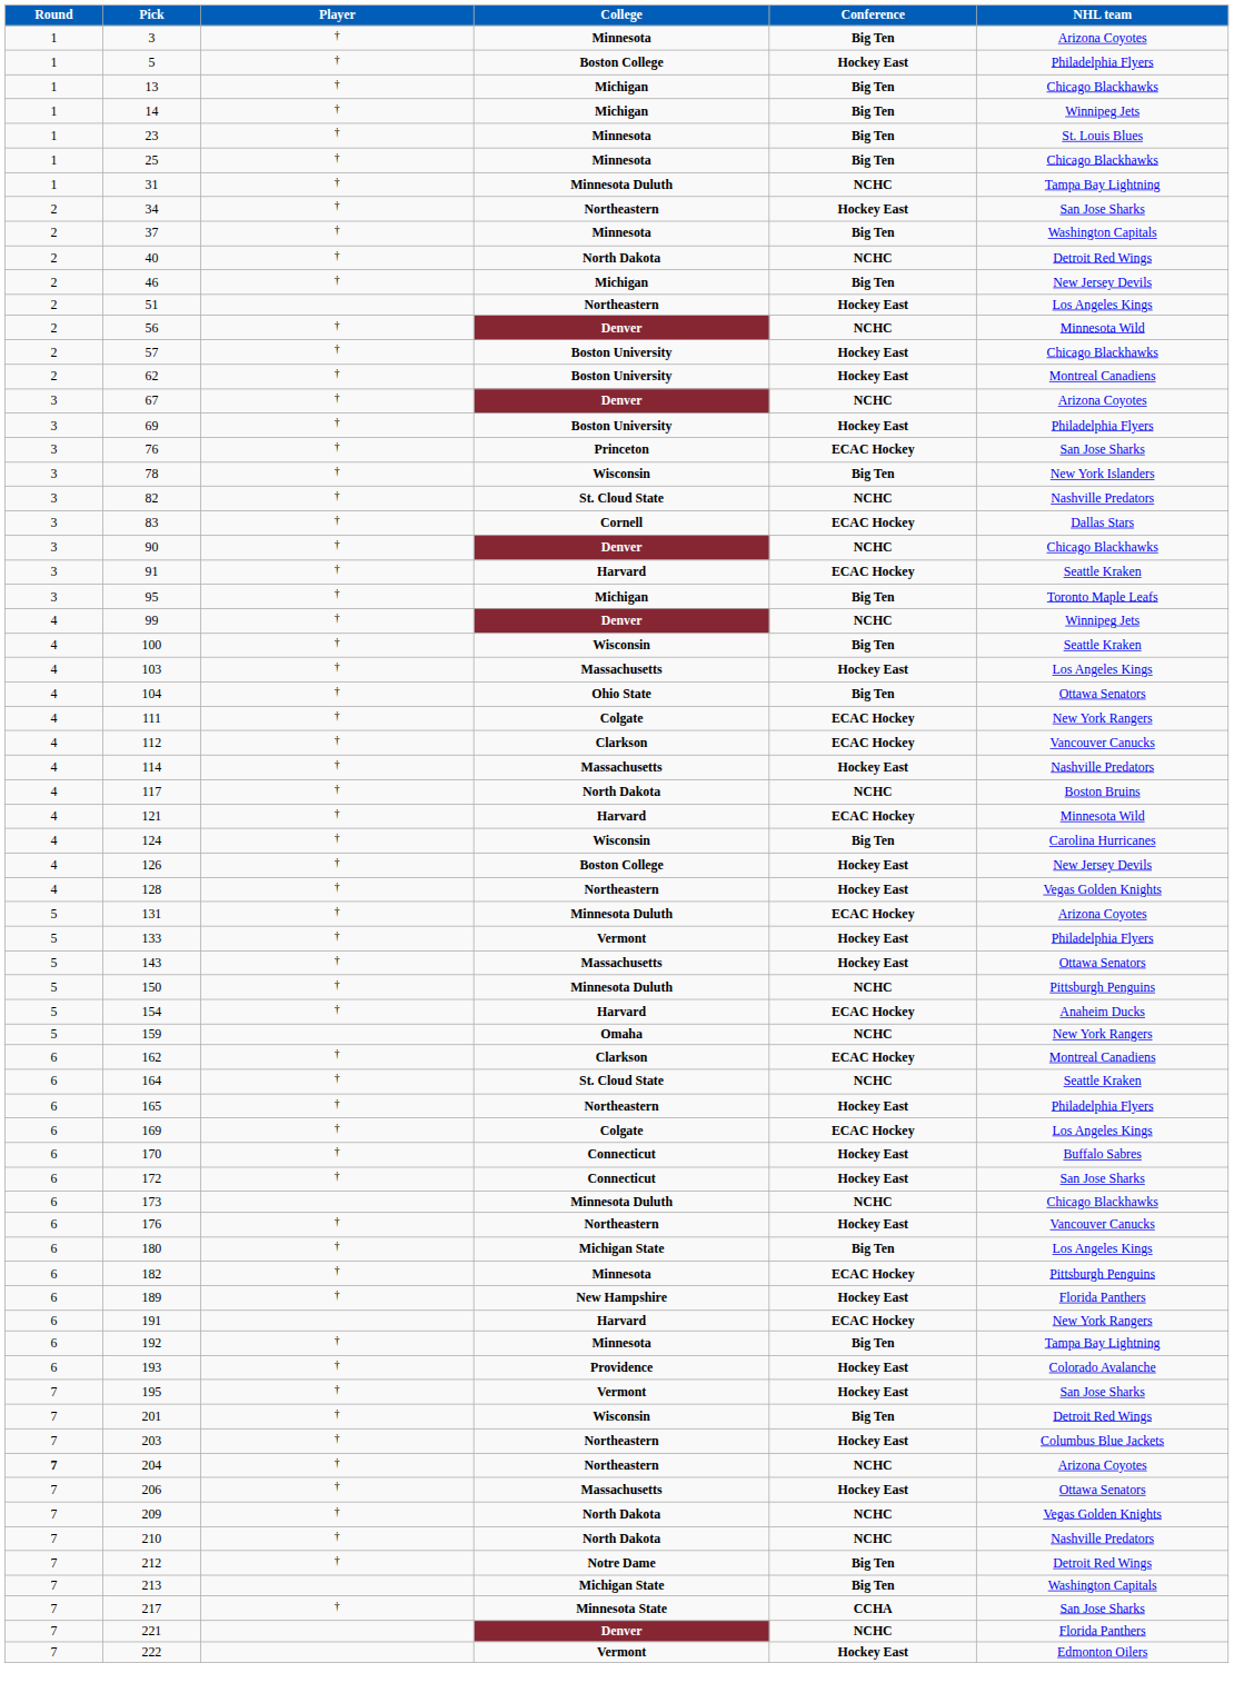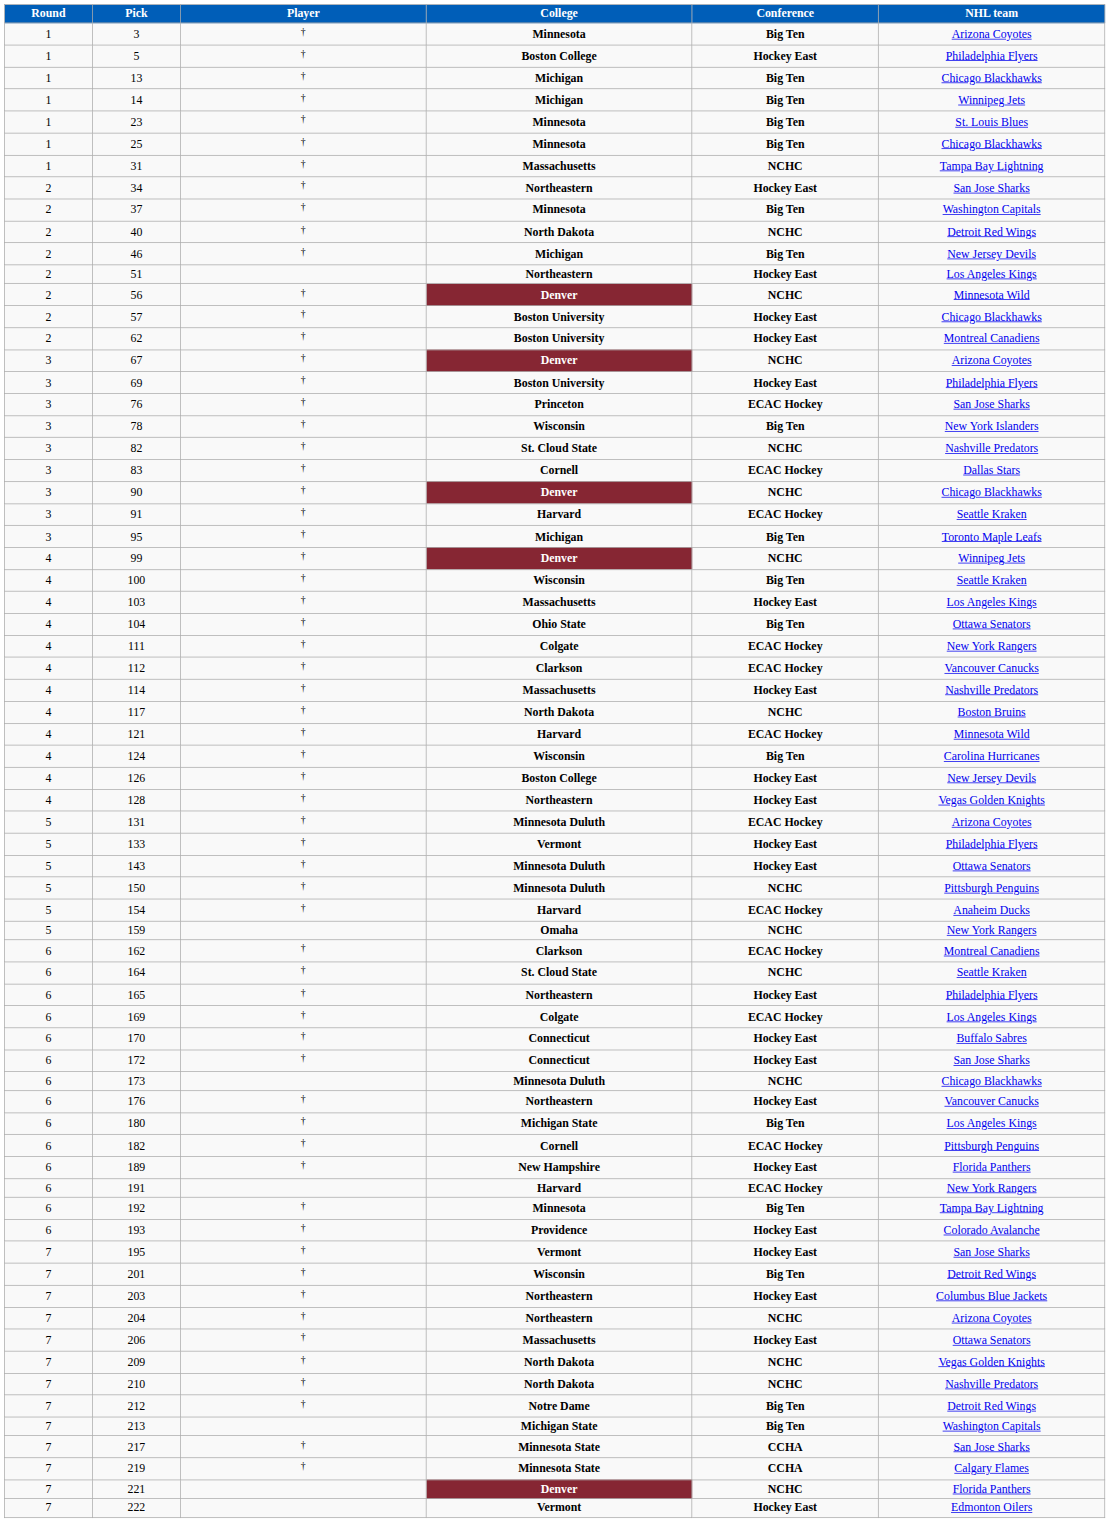 <table class="wikitable sortable" width="75%">
 <tr>
 <th style="color:white; background-color:#005EB8; width: 4em;">Round</th>
 <th style="color:white; background-color:#005EB8; width: 4em;">Pick</th>
 <th style="color:white; background-color:#005EB8; width: 12em;">Player</th>
 <th style="color:white; background-color:#005EB8; width: 13em;">College</th>
 <th style="color:white; background-color:#005EB8; width: 9em;">Conference</th>
 <th style="color:white; background-color:#005EB8; width: 11em;">NHL team</th>
 </tr>
 <tr align="center" bgcolor="">
 <td>1</td>
 <td>3</td>
 <td> <sup>†</sup></td>
 <td><strong>Minnesota</strong></td>
 <td><strong>Big Ten</strong></td>
 <td><a href='#'>Arizona Coyotes</a></td>
 </tr>
 <tr align="center" bgcolor="">
 <td>1</td>
 <td>5</td>
 <td> <sup>†</sup></td>
 <td><strong>Boston College</strong></td>
 <td><strong>Hockey East</strong></td>
 <td><a href='#'>Philadelphia Flyers</a></td>
 </tr>
 <tr align="center" bgcolor="">
 <td>1</td>
 <td>13</td>
 <td> <sup>†</sup></td>
 <td><strong>Michigan</strong></td>
 <td><strong>Big Ten</strong></td>
 <td><a href='#'>Chicago Blackhawks</a></td>
 </tr>
 <tr align="center" bgcolor="">
 <td>1</td>
 <td>14</td>
 <td> <sup>†</sup></td>
 <td><strong>Michigan</strong></td>
 <td><strong>Big Ten</strong></td>
 <td><a href='#'>Winnipeg Jets</a></td>
 </tr>
 <tr align="center" bgcolor="">
 <td>1</td>
 <td>23</td>
 <td> <sup>†</sup></td>
 <td><strong>Minnesota</strong></td>
 <td><strong>Big Ten</strong></td>
 <td><a href='#'>St. Louis Blues</a></td>
 </tr>
 <tr align="center" bgcolor="">
 <td>1</td>
 <td>25</td>
 <td> <sup>†</sup></td>
 <td><strong>Minnesota</strong></td>
 <td><strong>Big Ten</strong></td>
 <td><a href='#'>Chicago Blackhawks</a></td>
 </tr>
 <tr align="center" bgcolor="">
 <td>1</td>
 <td>31</td>
 <td> <sup>†</sup></td>
-<td><strong>Minnesota Duluth</strong></td>
+<td><strong>Massachusetts</strong></td>
 <td><strong>NCHC</strong></td>
 <td><a href='#'>Tampa Bay Lightning</a></td>
 </tr>
 <tr align="center" bgcolor="">
 <td>2</td>
 <td>34</td>
 <td> <sup>†</sup></td>
 <td><strong>Northeastern</strong></td>
 <td><strong>Hockey East</strong></td>
 <td><a href='#'>San Jose Sharks</a></td>
 </tr>
 <tr align="center" bgcolor="">
 <td>2</td>
 <td>37</td>
 <td> <sup>†</sup></td>
 <td><strong>Minnesota</strong></td>
 <td><strong>Big Ten</strong></td>
 <td><a href='#'>Washington Capitals</a></td>
 </tr>
 <tr align="center" bgcolor="">
 <td>2</td>
 <td>40</td>
 <td> <sup>†</sup></td>
 <td><strong>North Dakota</strong></td>
 <td><strong>NCHC</strong></td>
 <td><a href='#'>Detroit Red Wings</a></td>
 </tr>
 <tr align="center" bgcolor="">
 <td>2</td>
 <td>46</td>
 <td> <sup>†</sup></td>
 <td><strong>Michigan</strong></td>
 <td><strong>Big Ten</strong></td>
 <td><a href='#'>New Jersey Devils</a></td>
 </tr>
 <tr align="center" bgcolor="">
 <td>2</td>
 <td>51</td>
 <td></td>
 <td><strong>Northeastern</strong></td>
 <td><strong>Hockey East</strong></td>
 <td><a href='#'>Los Angeles Kings</a></td>
 </tr>
 <tr align="center" bgcolor="">
 <td>2</td>
 <td>56</td>
 <td> <sup>†</sup></td>
 <td style="color:white; background:#862633; "><strong>Denver</strong></td>
 <td><strong>NCHC</strong></td>
 <td><a href='#'>Minnesota Wild</a></td>
 </tr>
 <tr align="center" bgcolor="">
 <td>2</td>
 <td>57</td>
 <td> <sup>†</sup></td>
 <td><strong>Boston University</strong></td>
 <td><strong>Hockey East</strong></td>
 <td><a href='#'>Chicago Blackhawks</a></td>
 </tr>
 <tr align="center" bgcolor="">
 <td>2</td>
 <td>62</td>
 <td> <sup>†</sup></td>
 <td><strong>Boston University</strong></td>
 <td><strong>Hockey East</strong></td>
 <td><a href='#'>Montreal Canadiens</a></td>
 </tr>
 <tr align="center" bgcolor="">
 <td>3</td>
 <td>67</td>
 <td> <sup>†</sup></td>
 <td style="color:white; background:#862633; "><strong>Denver</strong></td>
 <td><strong>NCHC</strong></td>
 <td><a href='#'>Arizona Coyotes</a></td>
 </tr>
 <tr align="center" bgcolor="">
 <td>3</td>
 <td>69</td>
 <td> <sup>†</sup></td>
 <td><strong>Boston University</strong></td>
 <td><strong>Hockey East</strong></td>
 <td><a href='#'>Philadelphia Flyers</a></td>
 </tr>
 <tr align="center" bgcolor="">
 <td>3</td>
 <td>76</td>
 <td> <sup>†</sup></td>
 <td><strong>Princeton</strong></td>
 <td><strong>ECAC Hockey</strong></td>
 <td><a href='#'>San Jose Sharks</a></td>
 </tr>
 <tr align="center" bgcolor="">
 <td>3</td>
 <td>78</td>
 <td> <sup>†</sup></td>
 <td><strong>Wisconsin</strong></td>
 <td><strong>Big Ten</strong></td>
 <td><a href='#'>New York Islanders</a></td>
 </tr>
 <tr align="center" bgcolor="">
 <td>3</td>
 <td>82</td>
 <td> <sup>†</sup></td>
 <td><strong>St. Cloud State</strong></td>
 <td><strong>NCHC</strong></td>
 <td><a href='#'>Nashville Predators</a></td>
 </tr>
 <tr align="center" bgcolor="">
 <td>3</td>
 <td>83</td>
 <td> <sup>†</sup></td>
 <td><strong>Cornell</strong></td>
 <td><strong>ECAC Hockey</strong></td>
 <td><a href='#'>Dallas Stars</a></td>
 </tr>
 <tr align="center" bgcolor="">
 <td>3</td>
 <td>90</td>
 <td> <sup>†</sup></td>
 <td style="color:white; background:#862633; "><strong>Denver</strong></td>
 <td><strong>NCHC</strong></td>
 <td><a href='#'>Chicago Blackhawks</a></td>
 </tr>
 <tr align="center" bgcolor="">
 <td>3</td>
 <td>91</td>
 <td> <sup>†</sup></td>
 <td><strong>Harvard</strong></td>
 <td><strong>ECAC Hockey</strong></td>
 <td><a href='#'>Seattle Kraken</a></td>
 </tr>
 <tr align="center" bgcolor="">
 <td>3</td>
 <td>95</td>
 <td> <sup>†</sup></td>
 <td><strong>Michigan</strong></td>
 <td><strong>Big Ten</strong></td>
 <td><a href='#'>Toronto Maple Leafs</a></td>
 </tr>
 <tr align="center" bgcolor="">
 <td>4</td>
 <td>99</td>
 <td> <sup>†</sup></td>
 <td style="color:white; background:#862633; "><strong>Denver</strong></td>
 <td><strong>NCHC</strong></td>
 <td><a href='#'>Winnipeg Jets</a></td>
 </tr>
 <tr align="center" bgcolor="">
 <td>4</td>
 <td>100</td>
 <td> <sup>†</sup></td>
 <td><strong>Wisconsin</strong></td>
 <td><strong>Big Ten</strong></td>
 <td><a href='#'>Seattle Kraken</a></td>
 </tr>
 <tr align="center" bgcolor="">
 <td>4</td>
 <td>103</td>
 <td> <sup>†</sup></td>
 <td><strong>Massachusetts</strong></td>
 <td><strong>Hockey East</strong></td>
 <td><a href='#'>Los Angeles Kings</a></td>
 </tr>
 <tr align="center" bgcolor="">
 <td>4</td>
 <td>104</td>
 <td> <sup>†</sup></td>
 <td><strong>Ohio State</strong></td>
 <td><strong>Big Ten</strong></td>
 <td><a href='#'>Ottawa Senators</a></td>
 </tr>
 <tr align="center" bgcolor="">
 <td>4</td>
 <td>111</td>
 <td> <sup>†</sup></td>
 <td><strong>Colgate</strong></td>
 <td><strong>ECAC Hockey</strong></td>
 <td><a href='#'>New York Rangers</a></td>
 </tr>
 <tr align="center" bgcolor="">
 <td>4</td>
 <td>112</td>
 <td> <sup>†</sup></td>
 <td><strong>Clarkson</strong></td>
 <td><strong>ECAC Hockey</strong></td>
 <td><a href='#'>Vancouver Canucks</a></td>
 </tr>
 <tr align="center" bgcolor="">
 <td>4</td>
 <td>114</td>
 <td> <sup>†</sup></td>
 <td><strong>Massachusetts</strong></td>
 <td><strong>Hockey East</strong></td>
 <td><a href='#'>Nashville Predators</a></td>
 </tr>
 <tr align="center" bgcolor="">
 <td>4</td>
 <td>117</td>
 <td> <sup>†</sup></td>
 <td><strong>North Dakota</strong></td>
 <td><strong>NCHC</strong></td>
 <td><a href='#'>Boston Bruins</a></td>
 </tr>
 <tr align="center" bgcolor="">
 <td>4</td>
 <td>121</td>
 <td> <sup>†</sup></td>
 <td><strong>Harvard</strong></td>
 <td><strong>ECAC Hockey</strong></td>
 <td><a href='#'>Minnesota Wild</a></td>
 </tr>
 <tr align="center" bgcolor="">
 <td>4</td>
 <td>124</td>
 <td> <sup>†</sup></td>
 <td><strong>Wisconsin</strong></td>
 <td><strong>Big Ten</strong></td>
 <td><a href='#'>Carolina Hurricanes</a></td>
 </tr>
 <tr align="center" bgcolor="">
 <td>4</td>
 <td>126</td>
 <td> <sup>†</sup></td>
 <td><strong>Boston College</strong></td>
 <td><strong>Hockey East</strong></td>
 <td><a href='#'>New Jersey Devils</a></td>
 </tr>
 <tr align="center" bgcolor="">
 <td>4</td>
 <td>128</td>
 <td> <sup>†</sup></td>
 <td><strong>Northeastern</strong></td>
 <td><strong>Hockey East</strong></td>
 <td><a href='#'>Vegas Golden Knights</a></td>
 </tr>
 <tr align="center" bgcolor="">
 <td>5</td>
 <td>131</td>
 <td> <sup>†</sup></td>
 <td><strong>Minnesota Duluth</strong></td>
 <td><strong>ECAC Hockey</strong></td>
 <td><a href='#'>Arizona Coyotes</a></td>
 </tr>
 <tr align="center" bgcolor="">
 <td>5</td>
 <td>133</td>
 <td> <sup>†</sup></td>
 <td><strong>Vermont</strong></td>
 <td><strong>Hockey East</strong></td>
 <td><a href='#'>Philadelphia Flyers</a></td>
 </tr>
 <tr align="center" bgcolor="">
 <td>5</td>
 <td>143</td>
 <td> <sup>†</sup></td>
-<td><strong>Massachusetts</strong></td>
+<td><strong>Minnesota Duluth</strong></td>
 <td><strong>Hockey East</strong></td>
 <td><a href='#'>Ottawa Senators</a></td>
 </tr>
 <tr align="center" bgcolor="">
 <td>5</td>
 <td>150</td>
 <td> <sup>†</sup></td>
 <td><strong>Minnesota Duluth</strong></td>
 <td><strong>NCHC</strong></td>
 <td><a href='#'>Pittsburgh Penguins</a></td>
 </tr>
 <tr align="center" bgcolor="">
 <td>5</td>
 <td>154</td>
 <td> <sup>†</sup></td>
 <td><strong>Harvard</strong></td>
 <td><strong>ECAC Hockey</strong></td>
 <td><a href='#'>Anaheim Ducks</a></td>
 </tr>
 <tr align="center" bgcolor="">
 <td>5</td>
 <td>159</td>
 <td></td>
 <td><strong>Omaha</strong></td>
 <td><strong>NCHC</strong></td>
 <td><a href='#'>New York Rangers</a></td>
 </tr>
 <tr align="center" bgcolor="">
 <td>6</td>
 <td>162</td>
 <td> <sup>†</sup></td>
 <td><strong>Clarkson</strong></td>
 <td><strong>ECAC Hockey</strong></td>
 <td><a href='#'>Montreal Canadiens</a></td>
 </tr>
 <tr align="center" bgcolor="">
 <td>6</td>
 <td>164</td>
 <td> <sup>†</sup></td>
 <td><strong>St. Cloud State</strong></td>
 <td><strong>NCHC</strong></td>
 <td><a href='#'>Seattle Kraken</a></td>
 </tr>
 <tr align="center" bgcolor="">
 <td>6</td>
 <td>165</td>
 <td> <sup>†</sup></td>
 <td><strong>Northeastern</strong></td>
 <td><strong>Hockey East</strong></td>
 <td><a href='#'>Philadelphia Flyers</a></td>
 </tr>
 <tr align="center" bgcolor="">
 <td>6</td>
 <td>169</td>
 <td> <sup>†</sup></td>
 <td><strong>Colgate</strong></td>
 <td><strong>ECAC Hockey</strong></td>
 <td><a href='#'>Los Angeles Kings</a></td>
 </tr>
 <tr align="center" bgcolor="">
 <td>6</td>
 <td>170</td>
 <td> <sup>†</sup></td>
 <td><strong>Connecticut</strong></td>
 <td><strong>Hockey East</strong></td>
 <td><a href='#'>Buffalo Sabres</a></td>
 </tr>
 <tr align="center" bgcolor="">
 <td>6</td>
 <td>172</td>
 <td> <sup>†</sup></td>
 <td><strong>Connecticut</strong></td>
 <td><strong>Hockey East</strong></td>
 <td><a href='#'>San Jose Sharks</a></td>
 </tr>
 <tr align="center" bgcolor="">
 <td>6</td>
 <td>173</td>
 <td></td>
 <td><strong>Minnesota Duluth</strong></td>
 <td><strong>NCHC</strong></td>
 <td><a href='#'>Chicago Blackhawks</a></td>
 </tr>
 <tr align="center" bgcolor="">
 <td>6</td>
 <td>176</td>
 <td> <sup>†</sup></td>
 <td><strong>Northeastern</strong></td>
 <td><strong>Hockey East</strong></td>
 <td><a href='#'>Vancouver Canucks</a></td>
 </tr>
 <tr align="center" bgcolor="">
 <td>6</td>
 <td>180</td>
 <td> <sup>†</sup></td>
 <td><strong>Michigan State</strong></td>
 <td><strong>Big Ten</strong></td>
 <td><a href='#'>Los Angeles Kings</a></td>
 </tr>
 <tr align="center" bgcolor="">
 <td>6</td>
 <td>182</td>
 <td> <sup>†</sup></td>
-<td><strong>Minnesota</strong></td>
+<td><strong>Cornell</strong></td>
 <td><strong>ECAC Hockey</strong></td>
 <td><a href='#'>Pittsburgh Penguins</a></td>
 </tr>
 <tr align="center" bgcolor="">
 <td>6</td>
 <td>189</td>
 <td> <sup>†</sup></td>
 <td><strong>New Hampshire</strong></td>
 <td><strong>Hockey East</strong></td>
 <td><a href='#'>Florida Panthers</a></td>
 </tr>
 <tr align="center" bgcolor="">
 <td>6</td>
 <td>191</td>
 <td></td>
 <td><strong>Harvard</strong></td>
 <td><strong>ECAC Hockey</strong></td>
 <td><a href='#'>New York Rangers</a></td>
 </tr>
 <tr align="center" bgcolor="">
 <td>6</td>
 <td>192</td>
 <td> <sup>†</sup></td>
 <td><strong>Minnesota</strong></td>
 <td><strong>Big Ten</strong></td>
 <td><a href='#'>Tampa Bay Lightning</a></td>
 </tr>
 <tr align="center" bgcolor="">
 <td>6</td>
 <td>193</td>
 <td> <sup>†</sup></td>
 <td><strong>Providence</strong></td>
 <td><strong>Hockey East</strong></td>
 <td><a href='#'>Colorado Avalanche</a></td>
 </tr>
 <tr align="center" bgcolor="">
 <td>7</td>
 <td>195</td>
 <td> <sup>†</sup></td>
 <td><strong>Vermont</strong></td>
 <td><strong>Hockey East</strong></td>
 <td><a href='#'>San Jose Sharks</a></td>
 </tr>
 <tr align="center" bgcolor="">
 <td>7</td>
 <td>201</td>
 <td> <sup>†</sup></td>
 <td><strong>Wisconsin</strong></td>
 <td><strong>Big Ten</strong></td>
 <td><a href='#'>Detroit Red Wings</a></td>
 </tr>
 <tr align="center" bgcolor="">
 <td>7</td>
 <td>203</td>
 <td> <sup>†</sup></td>
 <td><strong>Northeastern</strong></td>
 <td><strong>Hockey East</strong></td>
 <td><a href='#'>Columbus Blue Jackets</a></td>
 </tr>
 <tr align="center" bgcolor="">
-<td><strong>7</strong></td>
+<td>7</td>
 <td>204</td>
 <td> <sup>†</sup></td>
 <td><strong>Northeastern</strong></td>
 <td><strong>NCHC</strong></td>
 <td><a href='#'>Arizona Coyotes</a></td>
 </tr>
 <tr align="center" bgcolor="">
 <td>7</td>
 <td>206</td>
 <td> <sup>†</sup></td>
 <td><strong>Massachusetts</strong></td>
 <td><strong>Hockey East</strong></td>
 <td><a href='#'>Ottawa Senators</a></td>
 </tr>
 <tr align="center" bgcolor="">
 <td>7</td>
 <td>209</td>
 <td> <sup>†</sup></td>
 <td><strong>North Dakota</strong></td>
 <td><strong>NCHC</strong></td>
 <td><a href='#'>Vegas Golden Knights</a></td>
 </tr>
 <tr align="center" bgcolor="">
 <td>7</td>
 <td>210</td>
 <td> <sup>†</sup></td>
 <td><strong>North Dakota</strong></td>
 <td><strong>NCHC</strong></td>
 <td><a href='#'>Nashville Predators</a></td>
 </tr>
 <tr align="center" bgcolor="">
 <td>7</td>
 <td>212</td>
 <td> <sup>†</sup></td>
 <td><strong>Notre Dame</strong></td>
 <td><strong>Big Ten</strong></td>
 <td><a href='#'>Detroit Red Wings</a></td>
 </tr>
 <tr align="center" bgcolor="">
 <td>7</td>
 <td>213</td>
 <td></td>
 <td><strong>Michigan State</strong></td>
 <td><strong>Big Ten</strong></td>
 <td><a href='#'>Washington Capitals</a></td>
 </tr>
 <tr align="center" bgcolor="">
 <td>7</td>
 <td>217</td>
 <td> <sup>†</sup></td>
 <td><strong>Minnesota State</strong></td>
 <td><strong>CCHA</strong></td>
 <td><a href='#'>San Jose Sharks</a></td>
 </tr>
 <tr align="center" bgcolor="">
 <td>7</td>
+<td>219</td>
+<td> <sup>†</sup></td>
+<td><strong>Minnesota State</strong></td>
+<td><strong>CCHA</strong></td>
+<td><a href='#'>Calgary Flames</a></td>
+</tr>
+<tr align="center" bgcolor="">
+<td>7</td>
 <td>221</td>
 <td></td>
 <td style="color:white; background:#862633; "><strong>Denver</strong></td>
 <td><strong>NCHC</strong></td>
 <td><a href='#'>Florida Panthers</a></td>
 </tr>
 <tr align="center" bgcolor="">
 <td>7</td>
 <td>222</td>
 <td></td>
 <td><strong>Vermont</strong></td>
 <td><strong>Hockey East</strong></td>
 <td><a href='#'>Edmonton Oilers</a></td>
 </tr>
 </table>
